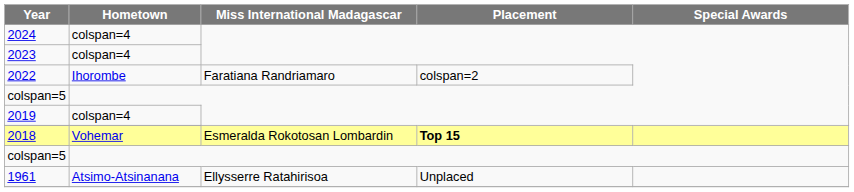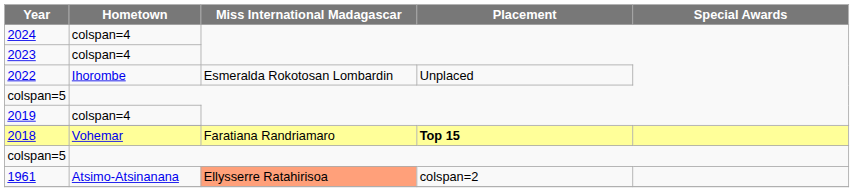 <table class="wikitable " style="font-size: 95%;">
 <tr>
 <th width="30" style="background-color:#787878;color:#FFFFFF;">Year</th>
 <th width="150" style="background-color:#787878;color:#FFFFFF;">Hometown</th>
 <th width="250" style="background-color:#787878;color:#FFFFFF;">Miss International Madagascar</th>
 <th width="250" style="background-color:#787878;color:#FFFFFF;">Placement</th>
 <th width="250" style="background-color:#787878;color:#FFFFFF;">Special Awards</th>
 </tr>
 <tr>
 <td><a href='#'>2024</a></td>
 <td>colspan=4 </td>
 </tr>
 <tr>
 <td><a href='#'>2023</a></td>
 <td>colspan=4 </td>
 </tr>
 <tr>
 <td><a href='#'>2022</a></td>
 <td><a href='#'>Ihorombe</a></td>
-<td>Faratiana Randriamaro</td>
-<td>colspan=2 </td>
+<td>Esmeralda Rokotosan Lombardin</td>
+<td>Unplaced</td>
 </tr>
 <tr>
 <td>colspan=5 </td>
 </tr>
 <tr>
 <td><a href='#'>2019</a></td>
 <td>colspan=4 </td>
 </tr>
 <tr>
 </tr>
 <tr style="background-color:#FFFF99; ">
 <td><a href='#'>2018</a></td>
 <td><a href='#'>Vohemar</a></td>
-<td>Esmeralda Rokotosan Lombardin</td>
+<td>Faratiana Randriamaro</td>
 <td><strong>Top 15</strong></td>
 <td></td>
 </tr>
 <tr>
 <td>colspan=5 </td>
 </tr>
 <tr>
 <td><a href='#'>1961</a></td>
 <td><a href='#'>Atsimo-Atsinanana</a></td>
-<td>Ellysserre Ratahirisoa</td>
-<td>Unplaced</td>
+<td style="background: lightsalmon;">Ellysserre Ratahirisoa</td>
+<td>colspan=2 </td>
 <td></td>
 </tr>
 <tr>
 </tr>
 </table>
